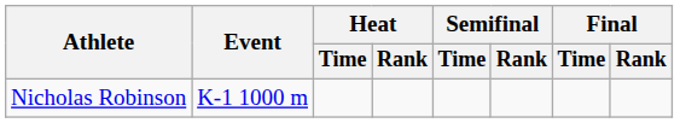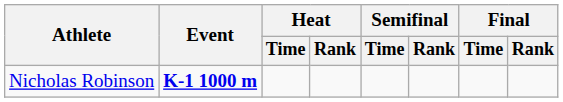 <table class=wikitable style=font-size:90%;text-align:center>
 <tr>
 <th rowspan=2>Athlete</th>
 <th rowspan=2>Event</th>
 <th colspan=2>Heat</th>
 <th colspan=2>Semifinal</th>
 <th colspan=2>Final</th>
 </tr>
 <tr style=font-size:95%>
 <th>Time</th>
 <th>Rank</th>
 <th>Time</th>
 <th>Rank</th>
 <th>Time</th>
 <th>Rank</th>
 </tr>
 <tr>
 <td align=left><a href='#'>Nicholas Robinson</a></td>
-<td align=left><a href='#'>K-1 1000 m</a></td>
+<td align=left><strong><a href='#'>K-1 1000 m</a></strong></td>
 <td></td>
 <td></td>
 <td></td>
 <td></td>
 <td></td>
 <td></td>
 </tr>
 </table>
